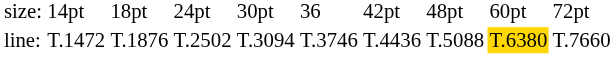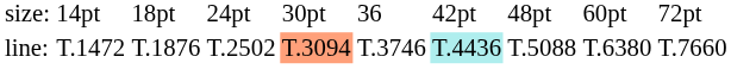 <table style="margin-left:40px;">
 <tr>
 <td>size:</td>
 <td>14pt</td>
 <td>18pt</td>
 <td>24pt</td>
 <td>30pt</td>
 <td>36</td>
 <td>42pt</td>
 <td>48pt</td>
 <td>60pt</td>
 <td>72pt</td>
 </tr>
 <tr>
 <td>line:</td>
 <td>T.1472</td>
 <td>T.1876</td>
 <td>T.2502</td>
-<td>T.3094</td>
+<td style="background: lightsalmon;">T.3094</td>
 <td>T.3746</td>
-<td>T.4436</td>
+<td style="background: paleturquoise;">T.4436</td>
 <td>T.5088</td>
-<td style="background: gold;">T.6380</td>
+<td>T.6380</td>
 <td>T.7660</td>
 </tr>
 </table>
